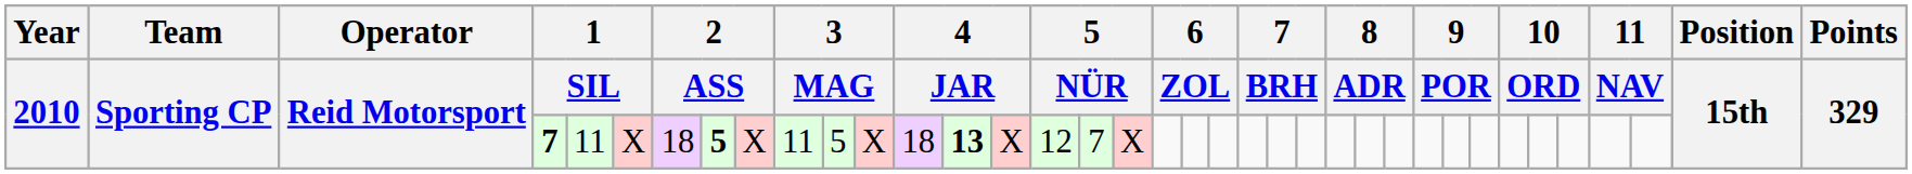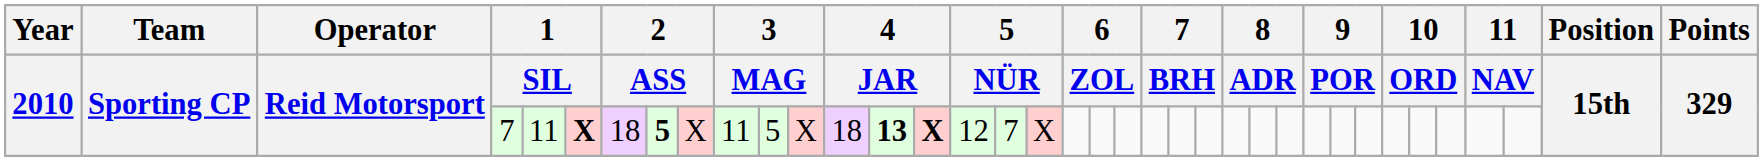 <table class="wikitable" style="text-align:center; font-size:85%">
 <tr>
 <th>Year</th>
 <th>Team</th>
 <th>Operator</th>
 <th colspan=3>1</th>
 <th colspan=3>2</th>
 <th colspan=3>3</th>
 <th colspan=3>4</th>
 <th colspan=3>5</th>
 <th colspan=3>6</th>
 <th colspan=3>7</th>
 <th colspan=3>8</th>
 <th colspan=3>9</th>
 <th colspan=3>10</th>
 <th colspan=3>11</th>
 <th>Position</th>
 <th>Points</th>
 </tr>
 <tr>
 <th rowspan=2><a href='#'>2010</a></th>
 <th rowspan=2 nowrap><a href='#'>Sporting CP</a></th>
 <th rowspan=2 nowrap><a href='#'>Reid Motorsport</a></th>
 <th colspan=3><a href='#'>SIL</a><br></th>
 <th colspan=3><a href='#'>ASS</a><br></th>
 <th colspan=3><a href='#'>MAG</a><br></th>
 <th colspan=3><a href='#'>JAR</a><br></th>
 <th colspan=3><a href='#'>NÜR</a><br></th>
 <th colspan=3><a href='#'>ZOL</a><br></th>
 <th colspan=3><a href='#'>BRH</a><br></th>
 <th colspan=3><a href='#'>ADR</a><br></th>
 <th colspan=3><a href='#'>POR</a><br></th>
 <th colspan=3><a href='#'>ORD</a><br></th>
 <th colspan=3><a href='#'>NAV</a><br></th>
 <th rowspan=2>15th</th>
 <th rowspan=2>329</th>
 </tr>
 <tr>
-<td style="background:#dfffdf;"><strong>7</strong></td>
+<td style="background:#dfffdf;">7</td>
 <td style="background:#dfffdf;">11</td>
-<td style="background:#ffcfcf;">X</td>
+<td style="background:#ffcfcf;"><strong>X</strong></td>
 <td style="background:#efcfff;">18</td>
 <td style="background:#dfffdf;"><strong>5</strong></td>
 <td style="background:#ffcfcf;">X</td>
 <td style="background:#dfffdf;">11</td>
 <td style="background:#dfffdf;">5</td>
 <td style="background:#ffcfcf;">X</td>
 <td style="background:#efcfff;">18</td>
 <td style="background:#dfffdf;"><strong>13</strong></td>
-<td style="background:#ffcfcf;">X</td>
+<td style="background:#ffcfcf;"><strong>X</strong></td>
 <td style="background:#dfffdf;">12</td>
 <td style="background:#dfffdf;">7</td>
 <td style="background:#ffcfcf;">X</td>
 <td></td>
 <td></td>
 <td></td>
 <td></td>
 <td></td>
 <td></td>
 <td></td>
 <td></td>
 <td></td>
 <td></td>
 <td></td>
 <td></td>
 <td></td>
 <td></td>
 <td></td>
 <td></td>
 <td></td>
 </tr>
 </table>
